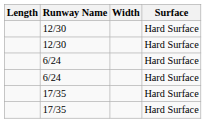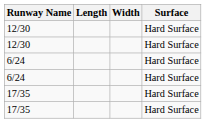 <table class="wikitable">
 <tr>
+<th>Runway Name</th>
 <th>Length</th>
-<th>Runway Name</th>
 <th>Width</th>
 <th>Surface</th>
 </tr>
 <tr>
+<td>12/30</td>
 <td></td>
-<td>12/30</td>
 <td></td>
 <td>Hard Surface</td>
 </tr>
 <tr>
+<td>12/30</td>
 <td></td>
-<td>12/30</td>
 <td></td>
 <td>Hard Surface</td>
 </tr>
 <tr>
+<td>6/24</td>
 <td></td>
-<td>6/24</td>
 <td></td>
 <td>Hard Surface</td>
 </tr>
 <tr>
+<td>6/24</td>
 <td></td>
-<td>6/24</td>
 <td></td>
 <td>Hard Surface</td>
 </tr>
 <tr>
+<td>17/35</td>
 <td></td>
-<td>17/35</td>
 <td></td>
 <td>Hard Surface</td>
 </tr>
 <tr>
+<td>17/35</td>
 <td></td>
-<td>17/35</td>
 <td></td>
 <td>Hard Surface</td>
 </tr>
 </table>
